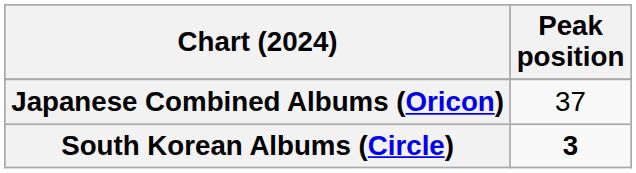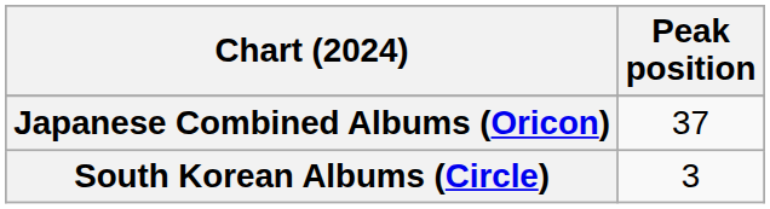 <table class="wikitable sortable plainrowheaders" style="text-align:center;">
 <tr>
 <th scope="col">Chart (2024)</th>
 <th scope="col">Peak<br>position</th>
 </tr>
 <tr>
 </tr>
 <tr>
 <th scope="row">Japanese Combined Albums (<a href='#'>Oricon</a>)</th>
 <td>37</td>
 </tr>
 <tr>
 <th scope="row">South Korean Albums (<a href='#'>Circle</a>)</th>
-<td><strong>3</strong></td>
+<td>3</td>
 </tr>
 </table>
